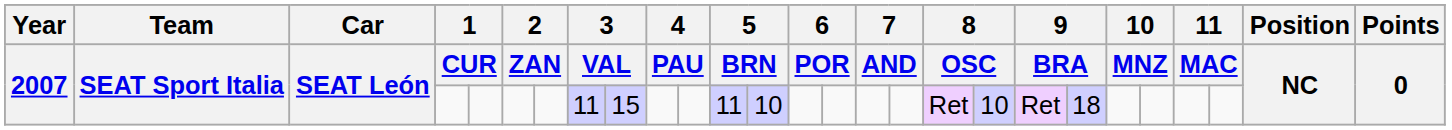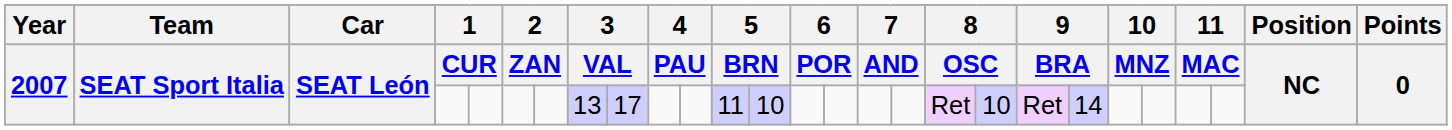 <table class="wikitable" style="text-align:center; font-size:85%">
 <tr>
 <th>Year</th>
 <th>Team</th>
 <th>Car</th>
 <th colspan=2>1</th>
 <th colspan=2>2</th>
 <th colspan=2>3</th>
 <th colspan=2>4</th>
 <th colspan=2>5</th>
 <th colspan=2>6</th>
 <th colspan=2>7</th>
 <th colspan=2>8</th>
 <th colspan=2>9</th>
 <th colspan=2>10</th>
 <th colspan=2>11</th>
 <th>Position</th>
 <th>Points</th>
 </tr>
 <tr>
 <th rowspan=2><a href='#'>2007</a></th>
 <th rowspan=2><a href='#'>SEAT Sport Italia</a></th>
 <th rowspan=2><a href='#'>SEAT León</a></th>
 <th colspan=2><a href='#'>CUR</a></th>
 <th colspan=2><a href='#'>ZAN</a></th>
 <th colspan=2><a href='#'>VAL</a></th>
 <th colspan=2><a href='#'>PAU</a></th>
 <th colspan=2><a href='#'>BRN</a></th>
 <th colspan=2><a href='#'>POR</a></th>
 <th colspan=2><a href='#'>AND</a></th>
 <th colspan=2><a href='#'>OSC</a></th>
 <th colspan=2><a href='#'>BRA</a></th>
 <th colspan=2><a href='#'>MNZ</a></th>
 <th colspan=2><a href='#'>MAC</a></th>
 <th rowspan=2>NC</th>
 <th rowspan=2>0</th>
 </tr>
 <tr>
 <td></td>
 <td></td>
 <td></td>
 <td></td>
-<td style="background:#cfcfff;">11</td>
-<td style="background:#cfcfff;">15</td>
+<td style="background:#cfcfff;">13</td>
+<td style="background:#cfcfff;">17</td>
 <td></td>
 <td></td>
 <td style="background:#cfcfff;">11</td>
 <td style="background:#cfcfff;">10</td>
 <td></td>
 <td></td>
 <td></td>
 <td></td>
 <td style="background:#efcfff;">Ret</td>
 <td style="background:#cfcfff;">10</td>
 <td style="background:#efcfff;">Ret</td>
-<td style="background:#cfcfff;">18</td>
+<td style="background:#cfcfff;">14</td>
 <td></td>
 <td></td>
 <td></td>
 <td></td>
 </tr>
 </table>
